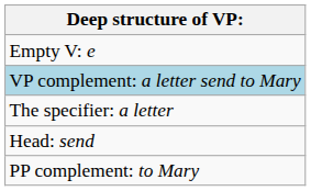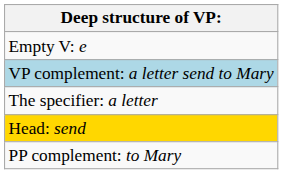 <table class="wikitable">
 <tr>
 <th>Deep structure of VP:</th>
 </tr>
 <tr>
 <td>Empty V: <em>e</em></td>
 </tr>
 <tr>
 <td style="background: lightblue;">VP complement: <em>a letter send to Mary</em></td>
 </tr>
 <tr>
 <td>The specifier: <em>a letter</em></td>
 </tr>
 <tr>
-<td>Head: <em>send</em></td>
+<td style="background: gold;">Head: <em>send</em></td>
 </tr>
 <tr>
 <td>PP complement: <em>to Mary</em></td>
 </tr>
 </table>
